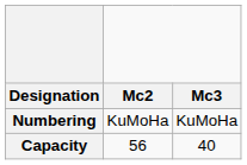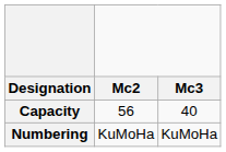 <table class="wikitable" style="text-align:center">
 <tr style="border-bottom: 4px solid #">
 <th></th>
 <td colspan="2"> <br><br> <br>  <br> </td>
 </tr>
 <tr>
 <th>Designation</th>
 <th>Mc2</th>
 <th>Mc3</th>
 </tr>
 <tr>
+<th>Capacity</th>
+<td>56</td>
+<td>40</td>
+</tr>
+<tr>
 <th>Numbering</th>
 <td>KuMoHa </td>
 <td>KuMoHa </td>
 </tr>
-<tr>
-<th>Capacity</th>
-<td>56</td>
-<td>40</td>
-</tr>
 </table>
